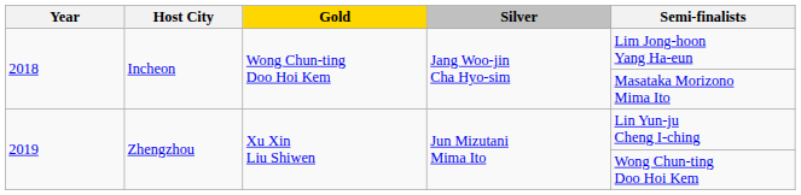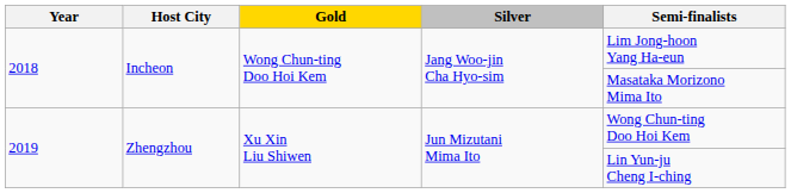 <table class="wikitable" style="text-align: left; width: 850px;">
 <tr>
 <th width="120">Year</th>
 <th width="120">Host City</th>
 <th width="190" style="background-color: gold">Gold</th>
 <th width="190" style="background-color: silver">Silver</th>
 <th width="190">Semi-finalists</th>
 </tr>
 <tr>
 <td rowspan=2><a href='#'>2018</a></td>
 <td rowspan=2><a href='#'>Incheon</a></td>
 <td rowspan=2> <a href='#'>Wong Chun-ting</a><br> <a href='#'>Doo Hoi Kem</a></td>
 <td rowspan=2> <a href='#'>Jang Woo-jin</a><br> <a href='#'>Cha Hyo-sim</a></td>
 <td> <a href='#'>Lim Jong-hoon</a><br> <a href='#'>Yang Ha-eun</a></td>
 </tr>
 <tr>
 <td> <a href='#'>Masataka Morizono</a><br> <a href='#'>Mima Ito</a></td>
 </tr>
 <tr>
 <td rowspan=2><a href='#'>2019</a></td>
 <td rowspan=2><a href='#'>Zhengzhou</a></td>
 <td rowspan=2> <a href='#'>Xu Xin</a><br> <a href='#'>Liu Shiwen</a></td>
 <td rowspan=2> <a href='#'>Jun Mizutani</a><br> <a href='#'>Mima Ito</a></td>
+<td> <a href='#'>Wong Chun-ting</a><br> <a href='#'>Doo Hoi Kem</a></td>
+</tr>
+<tr>
 <td> <a href='#'>Lin Yun-ju</a><br> <a href='#'>Cheng I-ching</a></td>
 </tr>
-<tr>
-<td> <a href='#'>Wong Chun-ting</a><br> <a href='#'>Doo Hoi Kem</a></td>
-</tr>
 </table>
